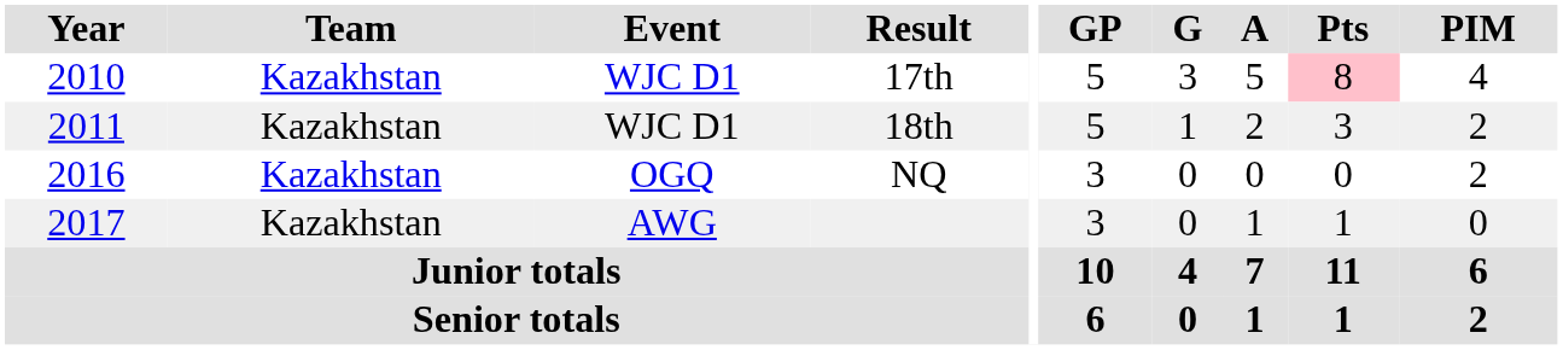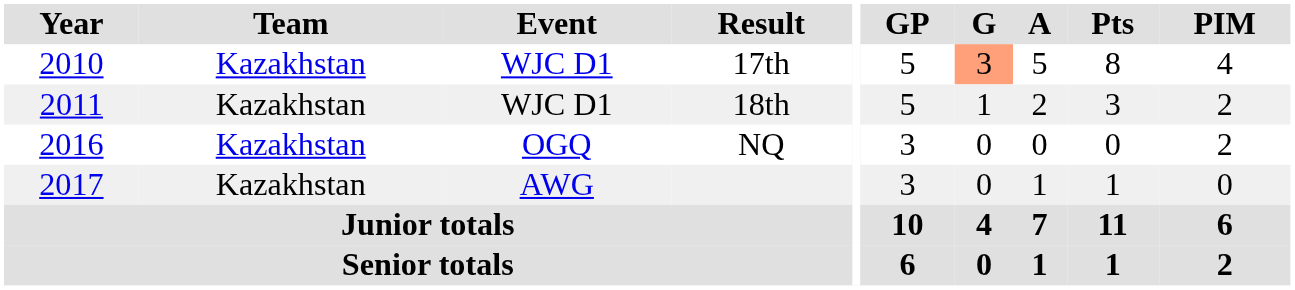 <table border="0" cellpadding="1" cellspacing="0" ID="Table3" style="text-align:center; width:40em">
 <tr ALIGN="center" bgcolor="#e0e0e0">
 <th>Year</th>
 <th>Team</th>
 <th>Event</th>
 <th>Result</th>
 <th rowspan="99" bgcolor="#ffffff"></th>
 <th>GP</th>
 <th>G</th>
 <th>A</th>
 <th>Pts</th>
 <th>PIM</th>
 </tr>
 <tr ALIGN="center">
 <td><a href='#'>2010</a></td>
 <td><a href='#'>Kazakhstan</a></td>
 <td><a href='#'>WJC D1</a></td>
 <td>17th</td>
 <td>5</td>
-<td>3</td>
+<td style="background: lightsalmon;">3</td>
 <td>5</td>
-<td style="background: pink;">8</td>
+<td>8</td>
 <td>4</td>
 </tr>
 <tr ALIGN="center" bgcolor="#f0f0f0">
 <td><a href='#'>2011</a></td>
 <td>Kazakhstan</td>
 <td>WJC D1</td>
 <td>18th</td>
 <td>5</td>
 <td>1</td>
 <td>2</td>
 <td>3</td>
 <td>2</td>
 </tr>
 <tr>
 <td><a href='#'>2016</a></td>
 <td><a href='#'>Kazakhstan</a></td>
 <td><a href='#'>OGQ</a></td>
 <td>NQ</td>
 <td>3</td>
 <td>0</td>
 <td>0</td>
 <td>0</td>
 <td>2</td>
 </tr>
 <tr bgcolor="#f0f0f0">
 <td><a href='#'>2017</a></td>
 <td>Kazakhstan</td>
 <td><a href='#'>AWG</a></td>
 <td></td>
 <td>3</td>
 <td>0</td>
 <td>1</td>
 <td>1</td>
 <td>0</td>
 </tr>
 <tr style="text-align:center; background:#e0e0e0;">
 <th colspan=4>Junior totals</th>
 <th>10</th>
 <th>4</th>
 <th>7</th>
 <th>11</th>
 <th>6</th>
 </tr>
 <tr style="text-align:center; background:#e0e0e0;">
 <th colspan=4>Senior totals</th>
 <th>6</th>
 <th>0</th>
 <th>1</th>
 <th>1</th>
 <th>2</th>
 </tr>
 </table>
